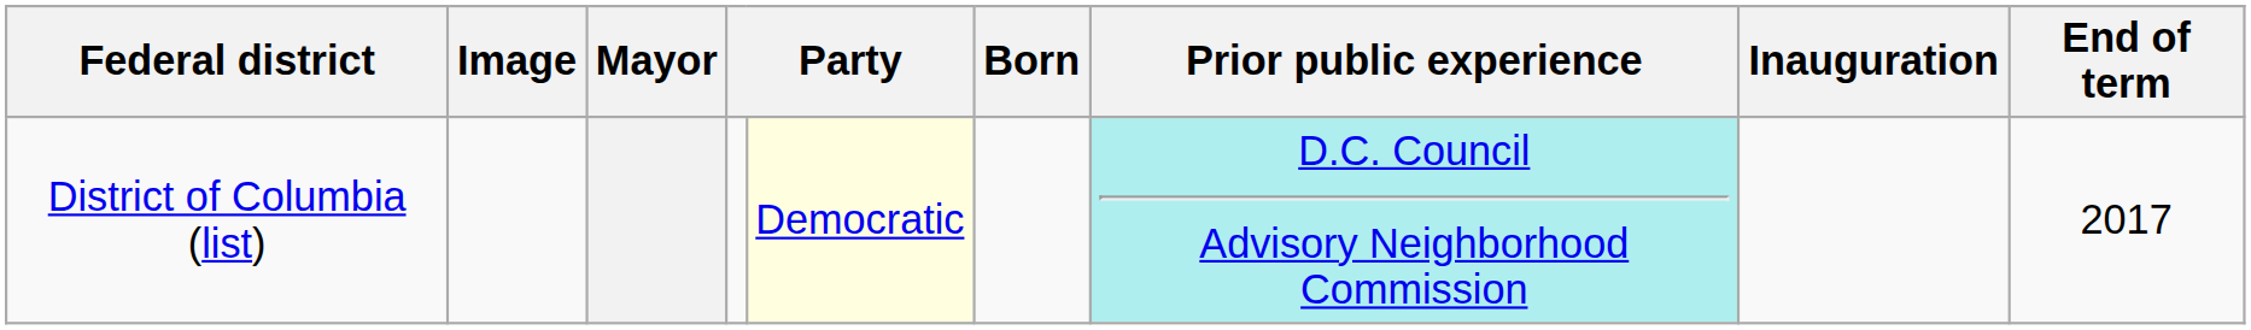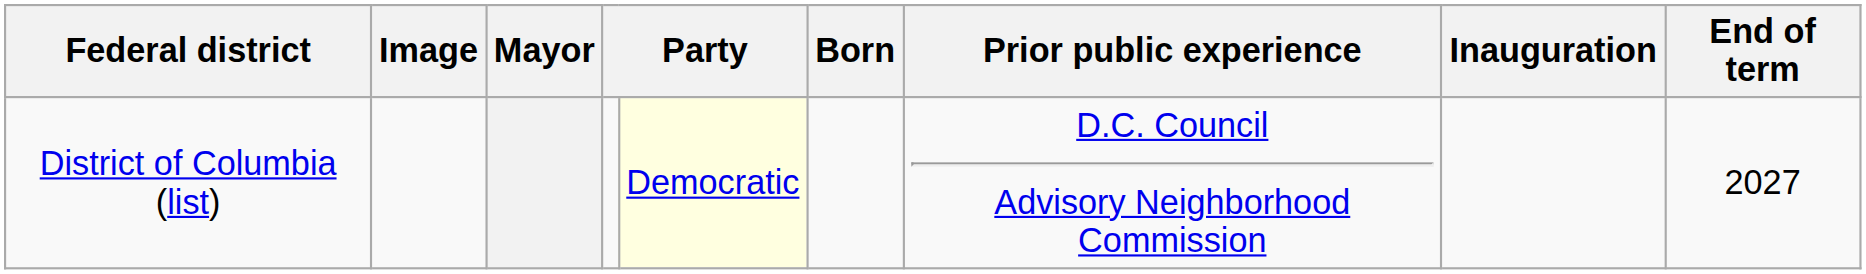 <table class="wikitable" style="text-align:center">
 <tr>
 <th scope="col">Federal district</th>
 <th scope="col" class=unsortable>Image</th>
 <th scope="col">Mayor</th>
 <th scope="colgroup" colspan=2>Party</th>
 <th scope="col">Born</th>
 <th scope="col" class=unsortable>Prior public experience</th>
 <th scope="col">Inauguration</th>
 <th scope="col">End of term</th>
 </tr>
 <tr>
 <td><a href='#'>District of Columbia</a> (<a href='#'>list</a>)</td>
 <td></td>
 <th scope="row"></th>
 <td style="background-color:"></td>
 <td style="background: lightyellow;"><a href='#'>Democratic</a></td>
 <td></td>
-<td style="background: paleturquoise;"><a href='#'>D.C. Council</a><hr><a href='#'>Advisory Neighborhood Commission</a></td>
+<td><a href='#'>D.C. Council</a><hr><a href='#'>Advisory Neighborhood Commission</a></td>
 <td></td>
-<td>2017</td>
+<td>2027</td>
 </tr>
 </table>
